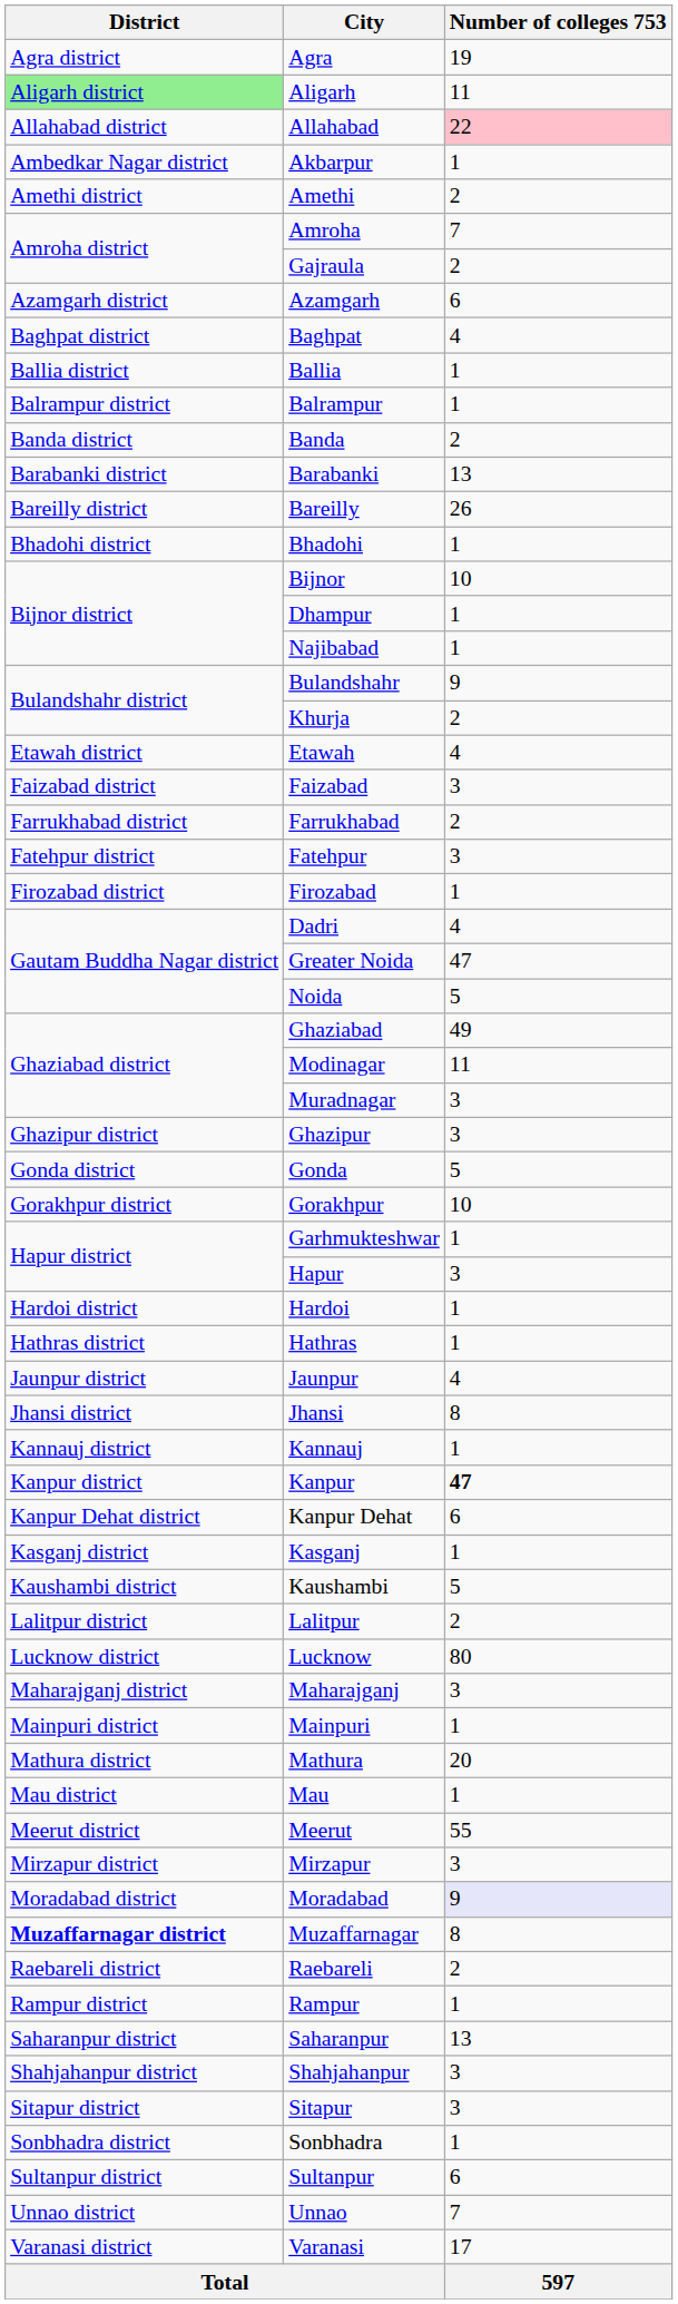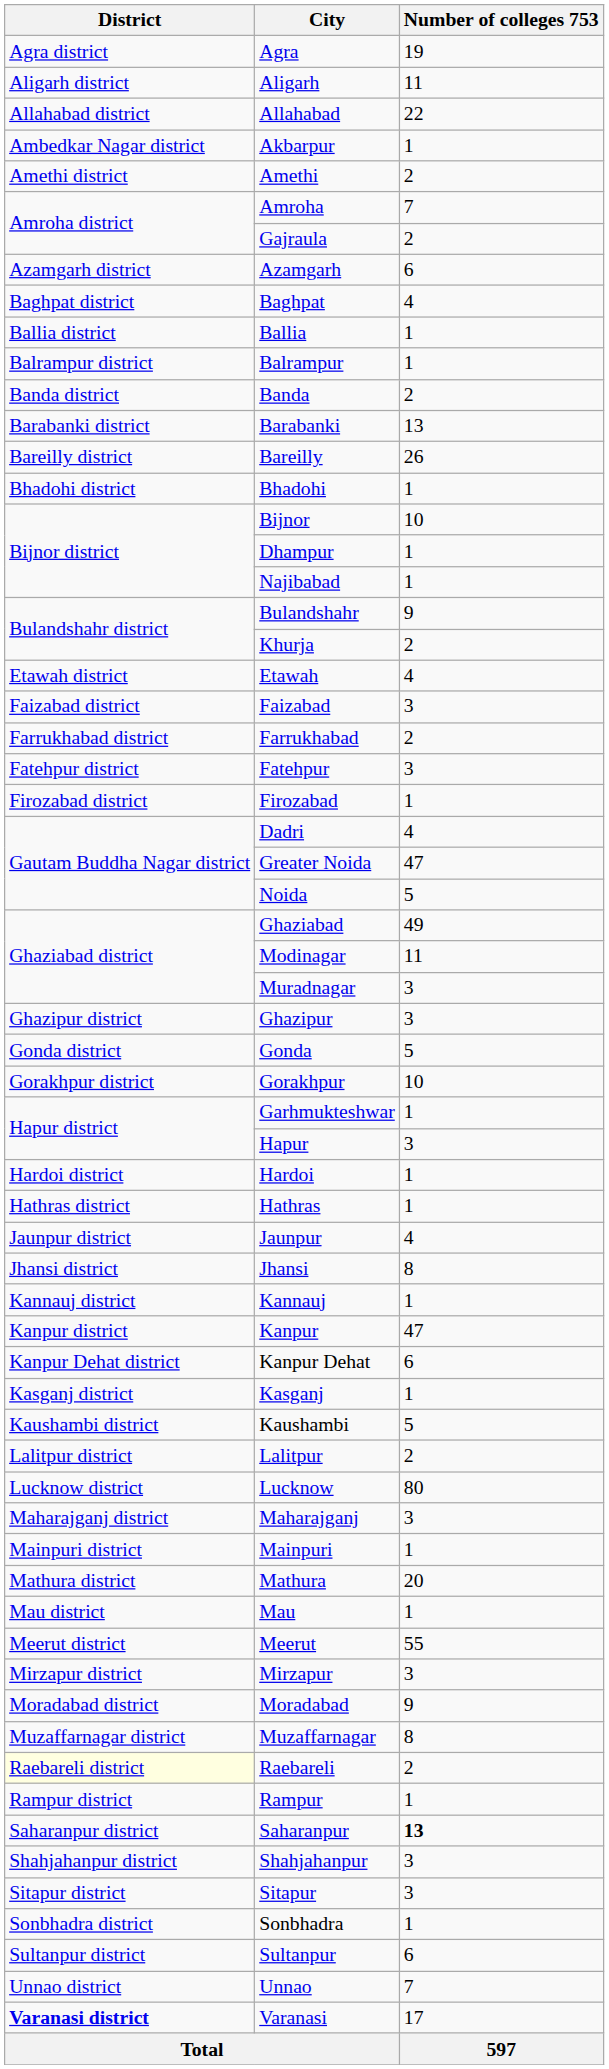 <table class="wikitable sortable">
 <tr>
 <th>District</th>
 <th>City</th>
 <th>Number of colleges 753</th>
 </tr>
 <tr>
 <td><a href='#'>Agra district</a></td>
 <td><a href='#'>Agra</a></td>
 <td>19</td>
 </tr>
 <tr>
-<td style="background: lightgreen;"><a href='#'>Aligarh district</a></td>
+<td><a href='#'>Aligarh district</a></td>
 <td><a href='#'>Aligarh</a></td>
 <td>11</td>
 </tr>
 <tr>
 <td><a href='#'>Allahabad district</a></td>
 <td><a href='#'>Allahabad</a></td>
-<td style="background: pink;">22</td>
+<td>22</td>
 </tr>
 <tr>
 <td><a href='#'>Ambedkar Nagar district</a></td>
 <td><a href='#'>Akbarpur</a></td>
 <td>1</td>
 </tr>
 <tr>
 <td><a href='#'>Amethi district</a></td>
 <td><a href='#'>Amethi</a></td>
 <td>2</td>
 </tr>
 <tr>
 <td rowspan="2"><a href='#'>Amroha district</a></td>
 <td><a href='#'>Amroha</a></td>
 <td>7</td>
 </tr>
 <tr>
 <td><a href='#'>Gajraula</a></td>
 <td>2</td>
 </tr>
 <tr>
 <td><a href='#'>Azamgarh district</a></td>
 <td><a href='#'>Azamgarh</a></td>
 <td>6</td>
 </tr>
 <tr>
 <td><a href='#'>Baghpat district</a></td>
 <td><a href='#'>Baghpat</a></td>
 <td>4</td>
 </tr>
 <tr>
 <td><a href='#'>Ballia district</a></td>
 <td><a href='#'>Ballia</a></td>
 <td>1</td>
 </tr>
 <tr>
 <td><a href='#'>Balrampur district</a></td>
 <td><a href='#'>Balrampur</a></td>
 <td>1</td>
 </tr>
 <tr>
 <td><a href='#'>Banda district</a></td>
 <td><a href='#'>Banda</a></td>
 <td>2</td>
 </tr>
 <tr>
 <td><a href='#'>Barabanki district</a></td>
 <td><a href='#'>Barabanki</a></td>
 <td>13</td>
 </tr>
 <tr>
 <td><a href='#'>Bareilly district</a></td>
 <td><a href='#'>Bareilly</a></td>
 <td>26</td>
 </tr>
 <tr>
 <td><a href='#'>Bhadohi district</a></td>
 <td><a href='#'>Bhadohi</a></td>
 <td>1</td>
 </tr>
 <tr>
 <td rowspan="3"><a href='#'>Bijnor district</a></td>
 <td><a href='#'>Bijnor</a></td>
 <td>10</td>
 </tr>
 <tr>
 <td><a href='#'>Dhampur</a></td>
 <td>1</td>
 </tr>
 <tr>
 <td><a href='#'>Najibabad</a></td>
 <td>1</td>
 </tr>
 <tr>
 <td rowspan="2"><a href='#'>Bulandshahr district</a></td>
 <td><a href='#'>Bulandshahr</a></td>
 <td>9</td>
 </tr>
 <tr>
 <td><a href='#'>Khurja</a></td>
 <td>2</td>
 </tr>
 <tr>
 <td><a href='#'>Etawah district</a></td>
 <td><a href='#'>Etawah</a></td>
 <td>4</td>
 </tr>
 <tr>
 <td><a href='#'>Faizabad district</a></td>
 <td><a href='#'>Faizabad</a></td>
 <td>3</td>
 </tr>
 <tr>
 <td><a href='#'>Farrukhabad district</a></td>
 <td><a href='#'>Farrukhabad</a></td>
 <td>2</td>
 </tr>
 <tr>
 <td><a href='#'>Fatehpur district</a></td>
 <td><a href='#'>Fatehpur</a></td>
 <td>3</td>
 </tr>
 <tr>
 <td><a href='#'>Firozabad district</a></td>
 <td><a href='#'>Firozabad</a></td>
 <td>1</td>
 </tr>
 <tr>
 <td rowspan="3"><a href='#'>Gautam Buddha Nagar district</a></td>
 <td><a href='#'>Dadri</a></td>
 <td>4</td>
 </tr>
 <tr>
 <td><a href='#'>Greater Noida</a></td>
 <td>47</td>
 </tr>
 <tr>
 <td><a href='#'>Noida</a></td>
 <td>5</td>
 </tr>
 <tr>
 <td rowspan="3"><a href='#'>Ghaziabad district</a></td>
 <td><a href='#'>Ghaziabad</a></td>
 <td>49</td>
 </tr>
 <tr>
 <td><a href='#'>Modinagar</a></td>
 <td>11</td>
 </tr>
 <tr>
 <td><a href='#'>Muradnagar</a></td>
 <td>3</td>
 </tr>
 <tr>
 <td><a href='#'>Ghazipur district</a></td>
 <td><a href='#'>Ghazipur</a></td>
 <td>3</td>
 </tr>
 <tr>
 <td><a href='#'>Gonda district</a></td>
 <td><a href='#'>Gonda</a></td>
 <td>5</td>
 </tr>
 <tr>
 <td><a href='#'>Gorakhpur district</a></td>
 <td><a href='#'>Gorakhpur</a></td>
 <td>10</td>
 </tr>
 <tr>
 <td rowspan="2"><a href='#'>Hapur district</a></td>
 <td><a href='#'>Garhmukteshwar</a></td>
 <td>1</td>
 </tr>
 <tr>
 <td><a href='#'>Hapur</a></td>
 <td>3</td>
 </tr>
 <tr>
 <td><a href='#'>Hardoi district</a></td>
 <td><a href='#'>Hardoi</a></td>
 <td>1</td>
 </tr>
 <tr>
 <td><a href='#'>Hathras district</a></td>
 <td><a href='#'>Hathras</a></td>
 <td>1</td>
 </tr>
 <tr>
 <td><a href='#'>Jaunpur district</a></td>
 <td><a href='#'>Jaunpur</a></td>
 <td>4</td>
 </tr>
 <tr>
 <td><a href='#'>Jhansi district</a></td>
 <td><a href='#'>Jhansi</a></td>
 <td>8</td>
 </tr>
 <tr>
 <td><a href='#'>Kannauj district</a></td>
 <td><a href='#'>Kannauj</a></td>
 <td>1</td>
 </tr>
 <tr>
 <td><a href='#'>Kanpur district</a></td>
 <td><a href='#'>Kanpur</a></td>
-<td><strong>47</strong></td>
+<td>47</td>
 </tr>
 <tr>
 <td><a href='#'>Kanpur Dehat district</a></td>
 <td>Kanpur Dehat</td>
 <td>6</td>
 </tr>
 <tr>
 <td><a href='#'>Kasganj district</a></td>
 <td><a href='#'>Kasganj</a></td>
 <td>1</td>
 </tr>
 <tr>
 <td><a href='#'>Kaushambi district</a></td>
 <td>Kaushambi</td>
 <td>5</td>
 </tr>
 <tr>
 <td><a href='#'>Lalitpur district</a></td>
 <td><a href='#'>Lalitpur</a></td>
 <td>2</td>
 </tr>
 <tr>
 <td><a href='#'>Lucknow district</a></td>
 <td><a href='#'>Lucknow</a></td>
 <td>80</td>
 </tr>
 <tr>
 <td><a href='#'>Maharajganj district</a></td>
 <td><a href='#'>Maharajganj</a></td>
 <td>3</td>
 </tr>
 <tr>
 <td><a href='#'>Mainpuri district</a></td>
 <td><a href='#'>Mainpuri</a></td>
 <td>1</td>
 </tr>
 <tr>
 <td><a href='#'>Mathura district</a></td>
 <td><a href='#'>Mathura</a></td>
 <td>20</td>
 </tr>
 <tr>
 <td><a href='#'>Mau district</a></td>
 <td><a href='#'>Mau</a></td>
 <td>1</td>
 </tr>
 <tr>
 <td><a href='#'>Meerut district</a></td>
 <td><a href='#'>Meerut</a></td>
 <td>55</td>
 </tr>
 <tr>
 <td><a href='#'>Mirzapur district</a></td>
 <td><a href='#'>Mirzapur</a></td>
 <td>3</td>
 </tr>
 <tr>
 <td><a href='#'>Moradabad district</a></td>
 <td><a href='#'>Moradabad</a></td>
-<td style="background: lavender;">9</td>
+<td>9</td>
 </tr>
 <tr>
-<td><strong><a href='#'>Muzaffarnagar district</a></strong></td>
+<td><a href='#'>Muzaffarnagar district</a></td>
 <td><a href='#'>Muzaffarnagar</a></td>
 <td>8</td>
 </tr>
 <tr>
-<td><a href='#'>Raebareli district</a></td>
+<td style="background: lightyellow;"><a href='#'>Raebareli district</a></td>
 <td><a href='#'>Raebareli</a></td>
 <td>2</td>
 </tr>
 <tr>
 <td><a href='#'>Rampur district</a></td>
 <td><a href='#'>Rampur</a></td>
 <td>1</td>
 </tr>
 <tr>
 <td><a href='#'>Saharanpur district</a></td>
 <td><a href='#'>Saharanpur</a></td>
-<td>13</td>
+<td><strong>13</strong></td>
 </tr>
 <tr>
 <td><a href='#'>Shahjahanpur district</a></td>
 <td><a href='#'>Shahjahanpur</a></td>
 <td>3</td>
 </tr>
 <tr>
 <td><a href='#'>Sitapur district</a></td>
 <td><a href='#'>Sitapur</a></td>
 <td>3</td>
 </tr>
 <tr>
 <td><a href='#'>Sonbhadra district</a></td>
 <td>Sonbhadra</td>
 <td>1</td>
 </tr>
 <tr>
 <td><a href='#'>Sultanpur district</a></td>
 <td><a href='#'>Sultanpur</a></td>
 <td>6</td>
 </tr>
 <tr>
 <td><a href='#'>Unnao district</a></td>
 <td><a href='#'>Unnao</a></td>
 <td>7</td>
 </tr>
 <tr>
-<td><a href='#'>Varanasi district</a></td>
+<td><strong><a href='#'>Varanasi district</a></strong></td>
 <td><a href='#'>Varanasi</a></td>
 <td>17</td>
 </tr>
 <tr>
 <th scope="row" colspan="2">Total</th>
 <th>597</th>
 </tr>
 </table>
